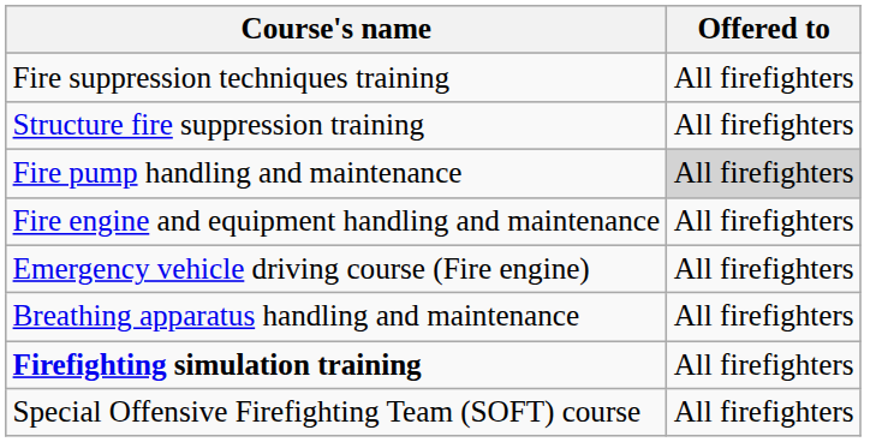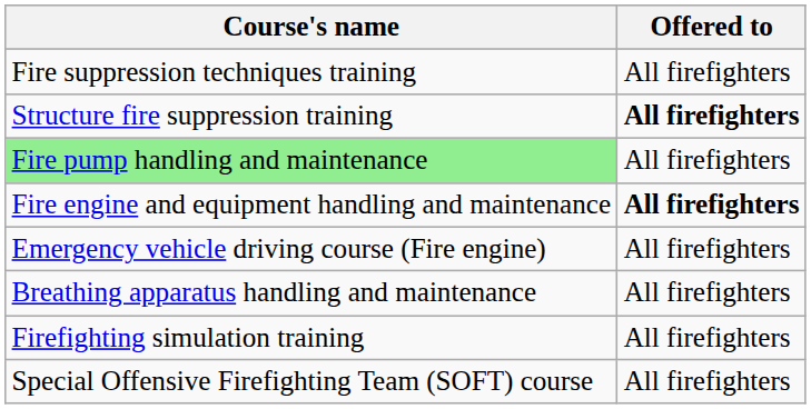 <table class="wikitable">
 <tr>
 <th>Course's name</th>
 <th>Offered to</th>
 </tr>
 <tr>
 <td>Fire suppression techniques training</td>
 <td>All firefighters</td>
 </tr>
 <tr>
 <td><a href='#'>Structure fire</a> suppression training</td>
+<td><strong>All firefighters</strong></td>
+</tr>
+<tr>
+<td style="background: lightgreen;"><a href='#'>Fire pump</a> handling and maintenance</td>
 <td>All firefighters</td>
 </tr>
 <tr>
-<td><a href='#'>Fire pump</a> handling and maintenance</td>
-<td style="background: lightgrey;">All firefighters</td>
-</tr>
-<tr>
 <td><a href='#'>Fire engine</a> and equipment handling and maintenance</td>
-<td>All firefighters</td>
+<td><strong>All firefighters</strong></td>
 </tr>
 <tr>
 <td><a href='#'>Emergency vehicle</a> driving course (Fire engine)</td>
 <td>All firefighters</td>
 </tr>
 <tr>
 <td><a href='#'>Breathing apparatus</a> handling and maintenance</td>
 <td>All firefighters</td>
 </tr>
 <tr>
-<td><strong><a href='#'>Firefighting</a> simulation training</strong></td>
+<td><a href='#'>Firefighting</a> simulation training</td>
 <td>All firefighters</td>
 </tr>
 <tr>
 <td>Special Offensive Firefighting Team (SOFT) course</td>
 <td>All firefighters</td>
 </tr>
 </table>
